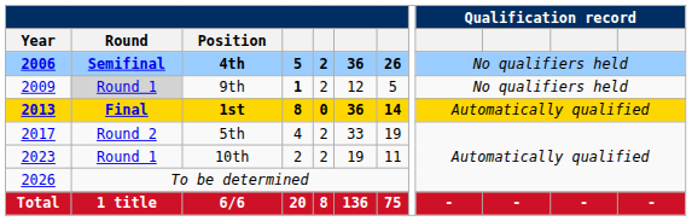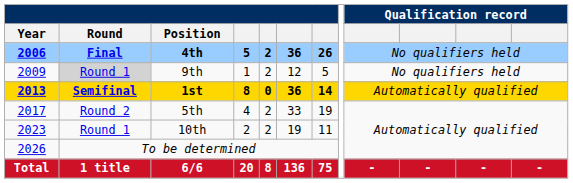 <table class="wikitable" style="text-align: center;">
 <tr>
 <th style="background:#002D62;" colspan="7"><a href='#'></a></th>
 <th style="background:white; width:1%;" rowspan="9"></th>
 <th style="background:#002D62; color:#FFFFFF;" colspan="5">Qualification record</th>
 </tr>
 <tr>
 <th>Year</th>
 <th>Round</th>
 <th>Position</th>
 <th></th>
 <th></th>
 <th></th>
 <th></th>
 <th></th>
 <th></th>
 <th></th>
 <th></th>
 </tr>
 <tr style="background:#9acdff;">
 <td>  <strong><a href='#'>2006</a></strong></td>
-<td><strong><a href='#'>Semifinal</a></strong></td>
+<td><strong><a href='#'>Final</a></strong></td>
 <td><strong>4th</strong></td>
 <td><strong>5</strong></td>
 <td><strong>2</strong></td>
 <td><strong>36</strong></td>
 <td><strong>26</strong></td>
 <td colspan="5" style="text-align:center;"><em>No qualifiers held</em></td>
 </tr>
 <tr>
 <td> <a href='#'>2009</a></td>
 <td style="background: lightgrey;"><a href='#'>Round 1</a></td>
 <td>9th</td>
-<td><strong>1</strong></td>
+<td>1</td>
 <td>2</td>
 <td>12</td>
 <td>5</td>
 <td colspan="5" style="text-align:center;"><em>No qualifiers held</em></td>
 </tr>
 <tr style="background:Gold;">
 <td>  <strong><a href='#'>2013</a></strong></td>
-<td><strong><a href='#'>Final</a></strong></td>
+<td><strong><a href='#'>Semifinal</a></strong></td>
 <td><strong> 1st</strong></td>
 <td><strong>8</strong></td>
 <td><strong>0</strong></td>
 <td><strong>36</strong></td>
 <td><strong>14</strong></td>
 <td colspan="5" style="text-align:center;"><em>Automatically qualified</em></td>
 </tr>
 <tr>
 <td> <a href='#'>2017</a></td>
 <td><a href='#'>Round 2</a></td>
 <td>5th</td>
 <td>4</td>
 <td>2</td>
 <td>33</td>
 <td>19</td>
 <td colspan="5" rowspan=3 style="text-align:center;"><em>Automatically qualified</em></td>
 </tr>
 <tr>
 <td> <a href='#'>2023</a></td>
 <td><a href='#'>Round 1</a></td>
 <td>10th</td>
 <td>2</td>
 <td>2</td>
 <td>19</td>
 <td>11</td>
 </tr>
 <tr>
 <td> <a href='#'>2026</a></td>
 <td colspan=6 align=center><em>To be determined</em></td>
 </tr>
 <tr>
 <th style="color:white; background:#CE1126;"><strong>Total</strong></th>
 <th style="color:white; background:#CE1126;"><strong>1 title</strong></th>
 <th style="color:white; background:#CE1126;"><strong>6/6</strong></th>
 <th style="color:white; background:#CE1126;"><strong>20</strong></th>
 <th style="color:white; background:#CE1126;"><strong>8</strong></th>
 <th style="color:white; background:#CE1126;"><strong>136</strong></th>
 <th style="color:white; background:#CE1126;"><strong>75</strong></th>
 <th style="color:white; background:#CE1126;"><strong>-</strong></th>
 <th style="color:white; background:#CE1126;"><strong>-</strong></th>
 <th style="color:white; background:#CE1126;"><strong>-</strong></th>
 <th style="color:white; background:#CE1126;"><strong>-</strong></th>
 </tr>
 </table>
